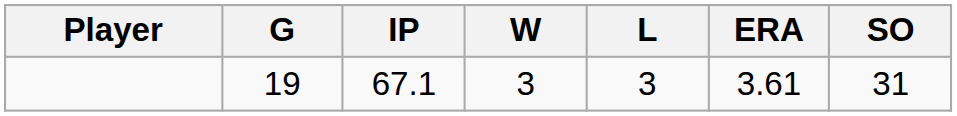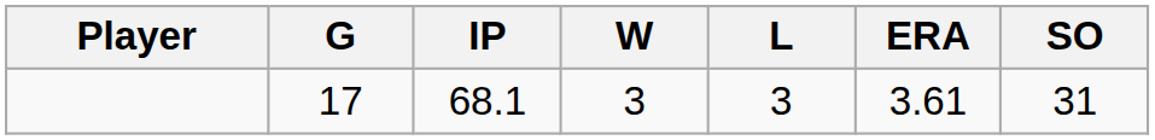 <table class="wikitable sortable">
 <tr>
 <th bgcolor="#DDDDFF" width="16%">Player</th>
 <th bgcolor="#DDDDFF" width="9%">G</th>
 <th bgcolor="#DDDDFF" width="9%">IP</th>
 <th bgcolor="#DDDDFF" width="9%">W</th>
 <th bgcolor="#DDDDFF" width="9%">L</th>
 <th bgcolor="#DDDDFF" width="9%">ERA</th>
 <th bgcolor="#DDDDFF" width="9%">SO</th>
 </tr>
 <tr align="center">
 <td></td>
-<td>19</td>
-<td>67.1</td>
+<td>17</td>
+<td>68.1</td>
 <td>3</td>
 <td>3</td>
 <td>3.61</td>
 <td>31</td>
 </tr>
 </table>
